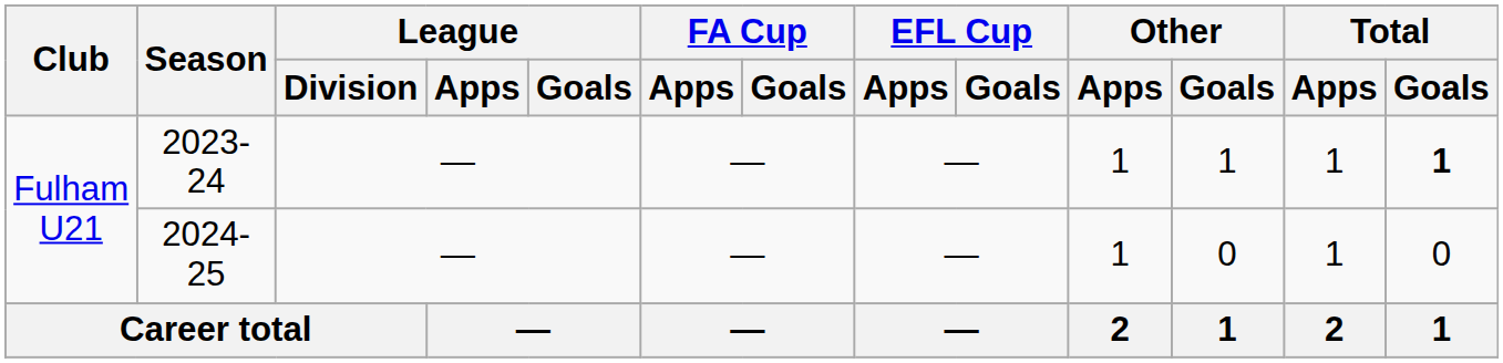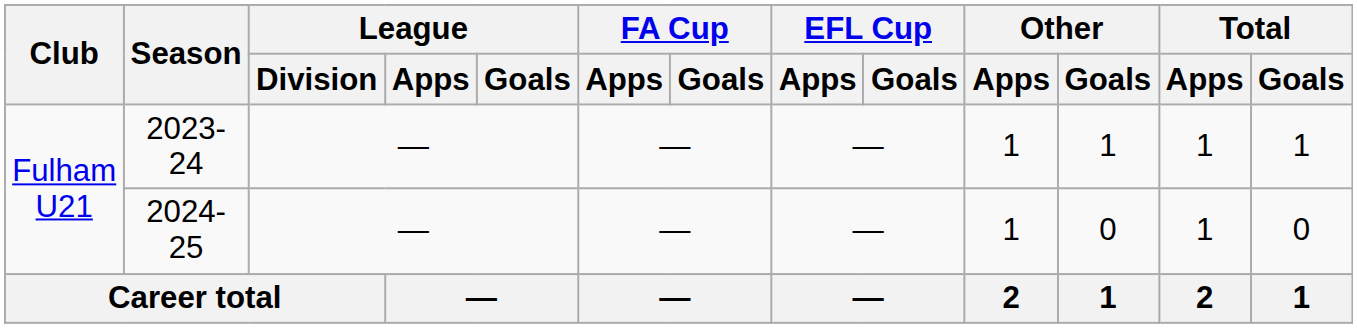 <table class=wikitable style="text-align: center;">
 <tr>
 <th rowspan="2">Club</th>
 <th rowspan="2">Season</th>
 <th colspan="3">League</th>
 <th colspan="2"><a href='#'>FA Cup</a></th>
 <th colspan="2"><a href='#'>EFL Cup</a></th>
 <th colspan="2">Other</th>
 <th colspan="2">Total</th>
 </tr>
 <tr>
 <th>Division</th>
 <th>Apps</th>
 <th>Goals</th>
 <th>Apps</th>
 <th>Goals</th>
 <th>Apps</th>
 <th>Goals</th>
 <th>Apps</th>
 <th>Goals</th>
 <th>Apps</th>
 <th>Goals</th>
 </tr>
 <tr>
 <td rowspan="2"><a href='#'>Fulham U21</a></td>
 <td>2023-24</td>
 <td colspan="3">—</td>
 <td colspan="2">—</td>
 <td colspan="2">—</td>
 <td>1</td>
 <td>1</td>
 <td>1</td>
-<td><strong>1</strong></td>
+<td>1</td>
 </tr>
 <tr>
 <td>2024-25</td>
 <td colspan="3">—</td>
 <td colspan="2">—</td>
 <td colspan="2">—</td>
 <td>1</td>
 <td>0</td>
 <td>1</td>
 <td>0</td>
 </tr>
 <tr>
 <th colspan="3">Career total</th>
 <th colspan="2">—</th>
 <th colspan="2">—</th>
 <th colspan="2">—</th>
 <th>2</th>
 <th>1</th>
 <th>2</th>
 <th>1</th>
 </tr>
 </table>
